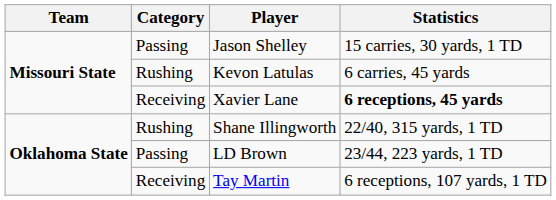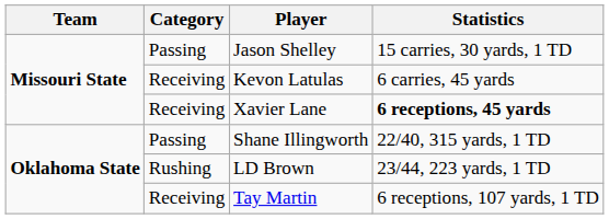 <table class="wikitable" style="float: right;">
 <tr>
 <th>Team</th>
 <th>Category</th>
 <th>Player</th>
 <th>Statistics</th>
 </tr>
 <tr>
 <td rowspan=3><strong>Missouri State</strong></td>
 <td>Passing</td>
 <td>Jason Shelley</td>
 <td>15 carries, 30 yards, 1 TD</td>
 </tr>
 <tr>
-<td>Rushing</td>
+<td>Receiving</td>
 <td>Kevon Latulas</td>
 <td>6 carries, 45 yards</td>
 </tr>
 <tr>
 <td>Receiving</td>
 <td>Xavier Lane</td>
 <td><strong>6 receptions, 45 yards</strong></td>
 </tr>
 <tr>
 <td rowspan=3><strong>Oklahoma State</strong></td>
-<td>Rushing</td>
+<td>Passing</td>
 <td>Shane Illingworth</td>
 <td>22/40, 315 yards, 1 TD</td>
 </tr>
 <tr>
-<td>Passing</td>
+<td>Rushing</td>
 <td>LD Brown</td>
 <td>23/44, 223 yards, 1 TD</td>
 </tr>
 <tr>
 <td>Receiving</td>
 <td><a href='#'>Tay Martin</a></td>
 <td>6 receptions, 107 yards, 1 TD</td>
 </tr>
 </table>
